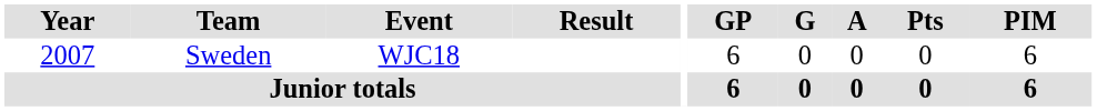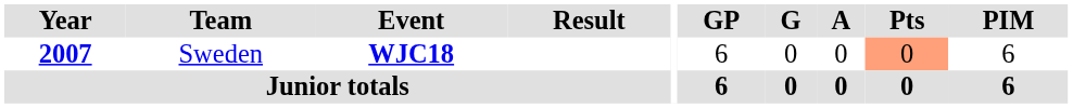 <table border="0" cellpadding="1" cellspacing="0" ID="Table3" style="text-align:center; width:40em">
 <tr ALIGN="center" bgcolor="#e0e0e0">
 <th>Year</th>
 <th>Team</th>
 <th>Event</th>
 <th>Result</th>
 <th rowspan="99" bgcolor="#ffffff"></th>
 <th>GP</th>
 <th>G</th>
 <th>A</th>
 <th>Pts</th>
 <th>PIM</th>
 </tr>
 <tr>
-<td><a href='#'>2007</a></td>
+<td><strong><a href='#'>2007</a></strong></td>
 <td><a href='#'>Sweden</a></td>
-<td><a href='#'>WJC18</a></td>
+<td><strong><a href='#'>WJC18</a></strong></td>
 <td></td>
 <td>6</td>
 <td>0</td>
 <td>0</td>
-<td>0</td>
+<td style="background: lightsalmon;">0</td>
 <td>6</td>
 </tr>
 <tr bgcolor="#e0e0e0">
 <th colspan="4">Junior totals</th>
 <th>6</th>
 <th>0</th>
 <th>0</th>
 <th>0</th>
 <th>6</th>
 </tr>
 </table>
